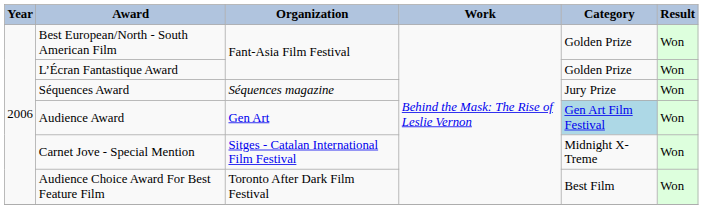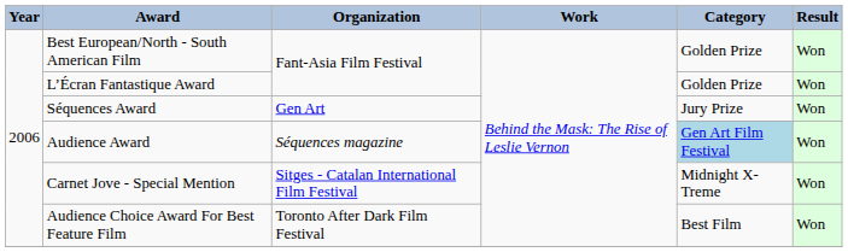 <table class="wikitable">
 <tr>
 <th style="background:#B0C4DE;">Year</th>
 <th style="background:#B0C4DE;">Award</th>
 <th style="background:#B0C4DE;">Organization</th>
 <th style="background:#B0C4DE;">Work</th>
 <th style="background:#B0C4DE;">Category</th>
 <th style="background:#B0C4DE;">Result</th>
 </tr>
 <tr>
 <td rowspan="6">2006</td>
 <td>Best European/North - South American Film</td>
 <td rowspan="2">Fant-Asia Film Festival</td>
 <td rowspan="6"><em><a href='#'>Behind the Mask: The Rise of Leslie Vernon</a></em></td>
 <td>Golden Prize</td>
 <td bgcolor="#ddffdd">Won</td>
 </tr>
 <tr>
 <td>L’Écran Fantastique Award</td>
 <td>Golden Prize</td>
 <td bgcolor="#ddffdd">Won</td>
 </tr>
 <tr>
 <td>Séquences Award</td>
-<td><em>Séquences magazine</em></td>
+<td><a href='#'>Gen Art</a></td>
 <td>Jury Prize</td>
 <td bgcolor="#ddffdd">Won</td>
 </tr>
 <tr>
 <td>Audience Award</td>
-<td><a href='#'>Gen Art</a></td>
+<td><em>Séquences magazine</em></td>
 <td style="background: lightblue;"><a href='#'>Gen Art Film Festival</a></td>
 <td bgcolor="#ddffdd">Won</td>
 </tr>
 <tr>
 <td>Carnet Jove - Special Mention</td>
 <td><a href='#'>Sitges - Catalan International Film Festival</a></td>
 <td>Midnight X-Treme</td>
 <td bgcolor="#ddffdd">Won</td>
 </tr>
 <tr>
 <td>Audience Choice Award For Best Feature Film</td>
 <td>Toronto After Dark Film Festival</td>
 <td>Best Film</td>
 <td bgcolor="#ddffdd">Won</td>
 </tr>
 <tr>
 </tr>
 </table>
